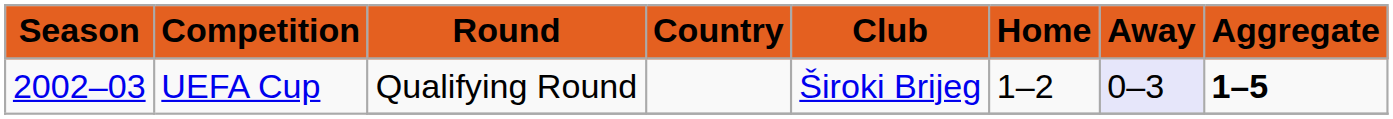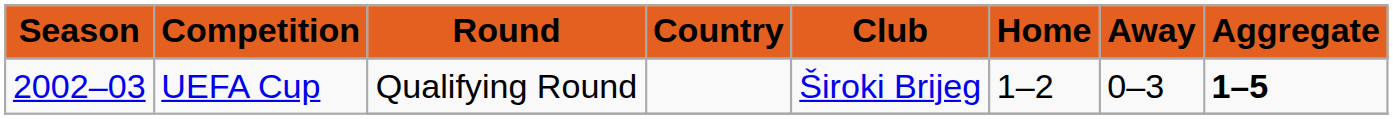 <table class="wikitable">
 <tr>
 <th style="color:black; background:#E46020;">Season</th>
 <th style="color:black; background:#E46020;">Competition</th>
 <th style="color:black; background:#E46020;">Round</th>
 <th style="color:black; background:#E46020;">Country</th>
 <th style="color:black; background:#E46020;">Club</th>
 <th style="color:black; background:#E46020;">Home</th>
 <th style="color:black; background:#E46020;">Away</th>
 <th style="color:black; background:#E46020;">Aggregate</th>
 </tr>
 <tr>
 <td rowspan="2"><a href='#'>2002–03</a></td>
 <td rowspan="2"><a href='#'>UEFA Cup</a></td>
 <td>Qualifying Round</td>
 <td></td>
 <td><a href='#'>Široki Brijeg</a></td>
 <td>1–2</td>
-<td style="background: lavender;">0–3</td>
+<td>0–3</td>
 <td><strong>1–5</strong></td>
 </tr>
 <tr>
 </tr>
 </table>
